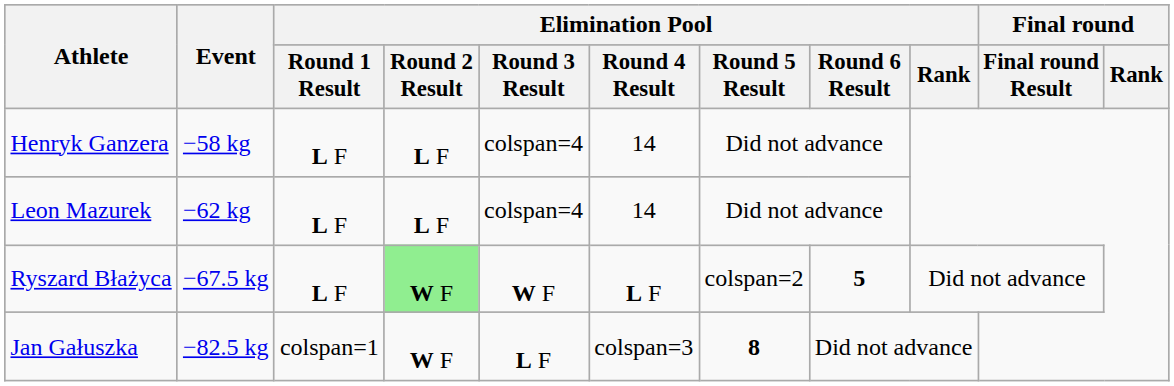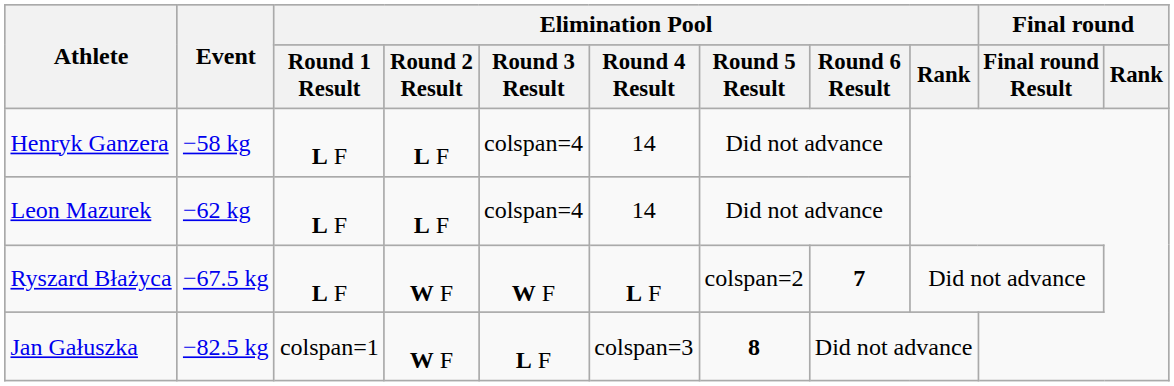 <table class="wikitable" style="font-size:90%">
 <tr>
 <th rowspan="2">Athlete</th>
 <th rowspan="2">Event</th>
 <th colspan=7>Elimination Pool</th>
 <th colspan=2>Final round</th>
 </tr>
 <tr style="font-size: 95%">
 <th>Round 1<br>Result</th>
 <th>Round 2<br>Result</th>
 <th>Round 3<br>Result</th>
 <th>Round 4<br>Result</th>
 <th>Round 5<br>Result</th>
 <th>Round 6<br>Result</th>
 <th>Rank</th>
 <th>Final round<br>Result</th>
 <th>Rank</th>
 </tr>
 <tr align=center>
 <td align=left><a href='#'>Henryk Ganzera</a></td>
 <td align=left><a href='#'>−58 kg</a></td>
 <td><br><strong>L</strong> F</td>
 <td><br><strong>L</strong> F</td>
 <td>colspan=4 </td>
 <td>14</td>
 <td colspan=2>Did not advance</td>
 </tr>
 <tr align=center>
 <td align=left><a href='#'>Leon Mazurek</a></td>
 <td align=left><a href='#'>−62 kg</a></td>
 <td><br><strong>L</strong> F</td>
 <td><br><strong>L</strong> F</td>
 <td>colspan=4 </td>
 <td>14</td>
 <td colspan=2>Did not advance</td>
 </tr>
 <tr align=center>
 <td align=left><a href='#'>Ryszard Błażyca</a></td>
 <td align=left><a href='#'>−67.5 kg</a></td>
 <td><br><strong>L</strong> F</td>
-<td style="background: lightgreen;"><br><strong>W</strong> F</td>
+<td><br><strong>W</strong> F</td>
 <td><br><strong>W</strong> F</td>
 <td><br><strong>L</strong> F</td>
 <td>colspan=2 </td>
-<td><strong>5</strong></td>
+<td><strong>7</strong></td>
 <td colspan=2>Did not advance</td>
 </tr>
 <tr align=center>
 <td align=left><a href='#'>Jan Gałuszka</a></td>
 <td align=left><a href='#'>−82.5 kg</a></td>
 <td>colspan=1 </td>
 <td><br><strong>W</strong> F</td>
 <td><br><strong>L</strong> F</td>
 <td>colspan=3 </td>
 <td><strong>8</strong></td>
 <td colspan=2>Did not advance</td>
 </tr>
 </table>
